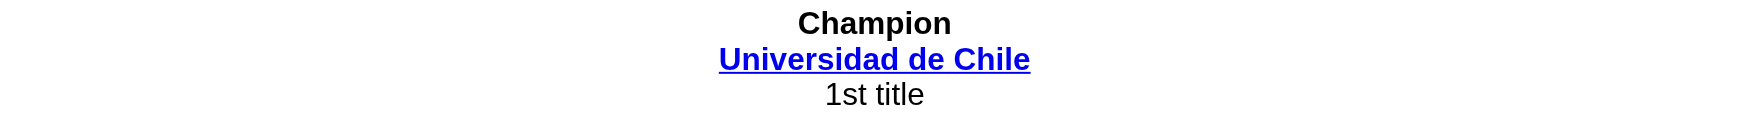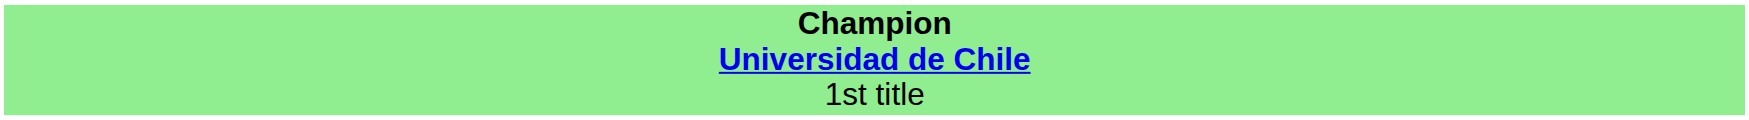 <table cellspacing=0 width=100%>
 <tr align=center>
 <td></td>
 </tr>
 <tr align=center>
 <td></td>
 </tr>
 <tr align=center>
-<td><strong>Champion</strong><br><strong><a href='#'>Universidad de Chile</a></strong><br>1st title</td>
+<td style="background: lightgreen;"><strong>Champion</strong><br><strong><a href='#'>Universidad de Chile</a></strong><br>1st title</td>
 </tr>
 </table>
